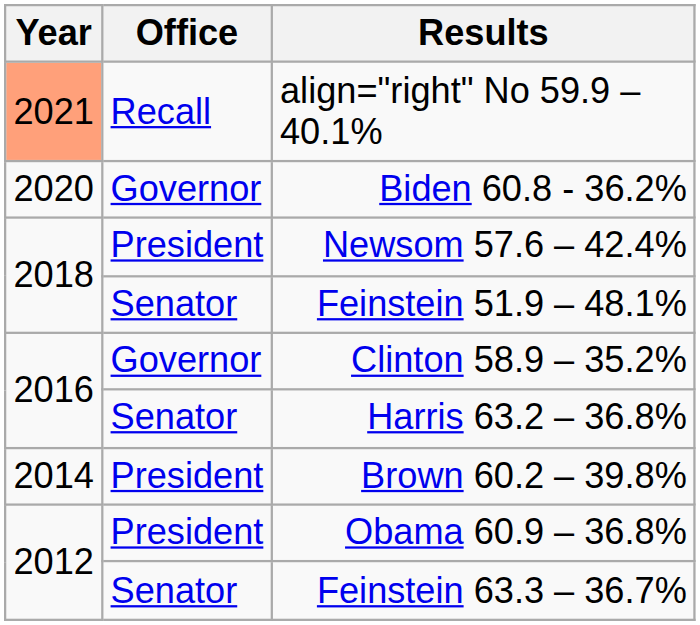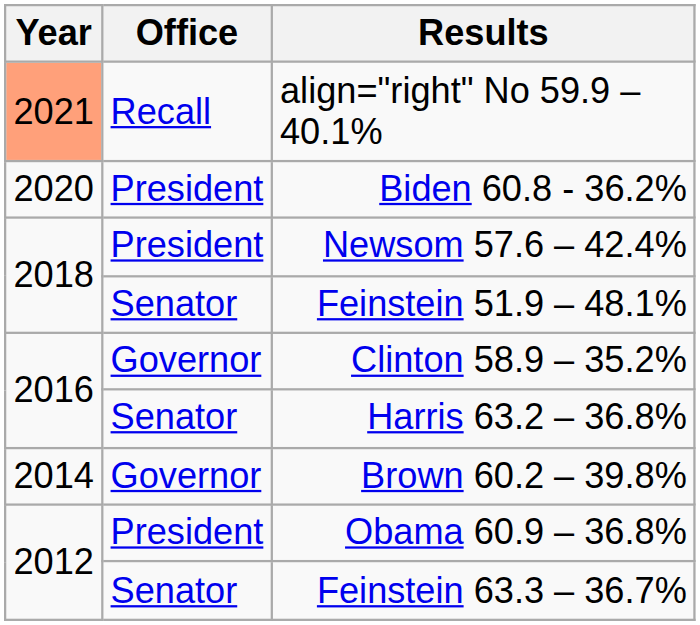 <table class=wikitable>
 <tr>
 <th width="30">Year</th>
 <th width="60">Office</th>
 <th width="180">Results</th>
 </tr>
 <tr>
 <td style="background: lightsalmon;">2021</td>
 <td><a href='#'>Recall</a></td>
 <td>align="right"  No 59.9 – 40.1%</td>
 </tr>
 <tr>
 <td rowspan="1">2020</td>
-<td><a href='#'>Governor</a></td>
+<td><a href='#'>President</a></td>
 <td align="right" ><a href='#'>Biden</a> 60.8 - 36.2%</td>
 </tr>
 <tr>
 <td rowspan="2">2018</td>
 <td><a href='#'>President</a></td>
 <td align="right" ><a href='#'>Newsom</a> 57.6 – 42.4%</td>
 </tr>
 <tr>
 <td><a href='#'>Senator</a></td>
 <td align="right" ><a href='#'>Feinstein</a> 51.9 – 48.1%</td>
 </tr>
 <tr>
 <td rowspan="2">2016</td>
 <td><a href='#'>Governor</a></td>
 <td align="right" ><a href='#'>Clinton</a> 58.9 – 35.2%</td>
 </tr>
 <tr>
 <td><a href='#'>Senator</a></td>
 <td align="right" ><a href='#'>Harris</a> 63.2 – 36.8%</td>
 </tr>
 <tr>
 <td>2014</td>
-<td><a href='#'>President</a></td>
+<td><a href='#'>Governor</a></td>
 <td align="right" ><a href='#'>Brown</a> 60.2 – 39.8%</td>
 </tr>
 <tr>
 <td rowspan="2">2012</td>
 <td><a href='#'>President</a></td>
 <td align="right" ><a href='#'>Obama</a> 60.9 – 36.8%</td>
 </tr>
 <tr>
 <td><a href='#'>Senator</a></td>
 <td align="right" ><a href='#'>Feinstein</a> 63.3 – 36.7%</td>
 </tr>
 </table>
